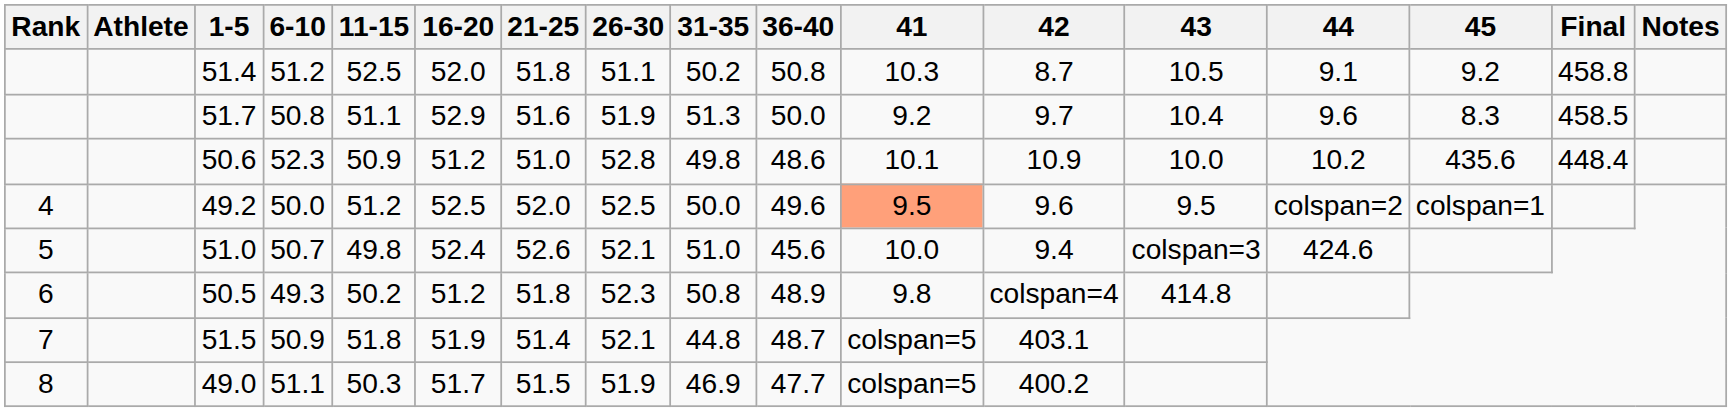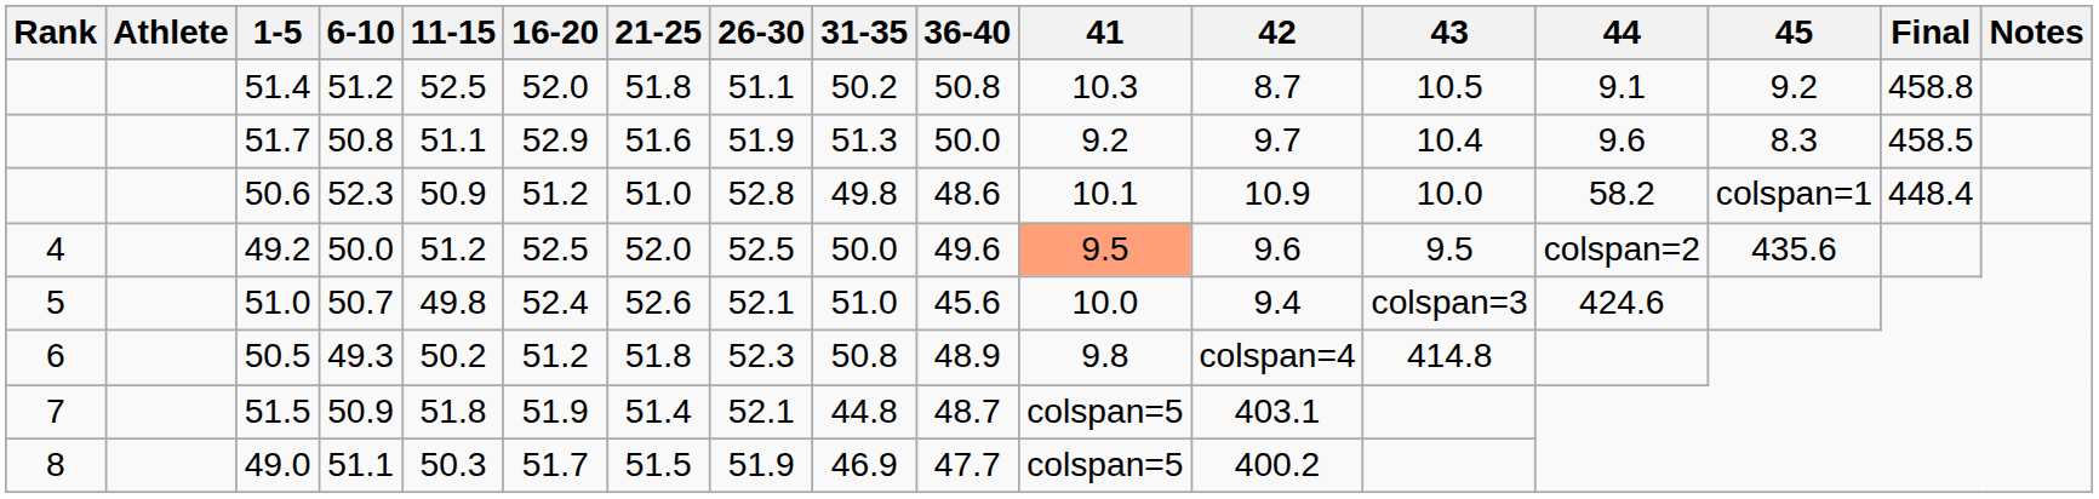 <table class="wikitable sortable">
 <tr>
 <th>Rank</th>
 <th>Athlete</th>
 <th class="unsortable">1-5</th>
 <th class="unsortable">6-10</th>
 <th class="unsortable">11-15</th>
 <th class="unsortable">16-20</th>
 <th class="unsortable">21-25</th>
 <th class="unsortable">26-30</th>
 <th class="unsortable">31-35</th>
 <th class="unsortable">36-40</th>
 <th class="unsortable">41</th>
 <th class="unsortable">42</th>
 <th class="unsortable">43</th>
 <th class="unsortable">44</th>
 <th class="unsortable">45</th>
 <th>Final</th>
 <th class="unsortable">Notes</th>
 </tr>
 <tr>
 <td align="center"></td>
 <td></td>
 <td align="center">51.4</td>
 <td align="center">51.2</td>
 <td align="center">52.5</td>
 <td align="center">52.0</td>
 <td align="center">51.8</td>
 <td align="center">51.1</td>
 <td align="center">50.2</td>
 <td align="center">50.8</td>
 <td align="center">10.3</td>
 <td align="center">8.7</td>
 <td align="center">10.5</td>
 <td align="center">9.1</td>
 <td align="center">9.2</td>
 <td align="center">458.8</td>
 <td align="center"></td>
 </tr>
 <tr>
 <td align="center"></td>
 <td></td>
 <td align="center">51.7</td>
 <td align="center">50.8</td>
 <td align="center">51.1</td>
 <td align="center">52.9</td>
 <td align="center">51.6</td>
 <td align="center">51.9</td>
 <td align="center">51.3</td>
 <td align="center">50.0</td>
 <td align="center">9.2</td>
 <td align="center">9.7</td>
 <td align="center">10.4</td>
 <td align="center">9.6</td>
 <td align="center">8.3</td>
 <td align="center">458.5</td>
 <td align="center"></td>
 </tr>
 <tr>
 <td align="center"></td>
 <td></td>
 <td align="center">50.6</td>
 <td align="center">52.3</td>
 <td align="center">50.9</td>
 <td align="center">51.2</td>
 <td align="center">51.0</td>
 <td align="center">52.8</td>
 <td align="center">49.8</td>
 <td align="center">48.6</td>
 <td align="center">10.1</td>
 <td align="center">10.9</td>
 <td align="center">10.0</td>
-<td align="center">10.2</td>
-<td align="center">435.6</td>
+<td align="center">58.2</td>
+<td>colspan=1 </td>
 <td align="center">448.4</td>
 <td align="center"></td>
 </tr>
 <tr>
 <td align="center">4</td>
 <td></td>
 <td align="center">49.2</td>
 <td align="center">50.0</td>
 <td align="center">51.2</td>
 <td align="center">52.5</td>
 <td align="center">52.0</td>
 <td align="center">52.5</td>
 <td align="center">50.0</td>
 <td align="center">49.6</td>
 <td align="center" style="background: lightsalmon;">9.5</td>
 <td align="center">9.6</td>
 <td align="center">9.5</td>
 <td>colspan=2 </td>
-<td>colspan=1 </td>
+<td align="center">435.6</td>
 <td align="center"></td>
 </tr>
 <tr>
 <td align="center">5</td>
 <td></td>
 <td align="center">51.0</td>
 <td align="center">50.7</td>
 <td align="center">49.8</td>
 <td align="center">52.4</td>
 <td align="center">52.6</td>
 <td align="center">52.1</td>
 <td align="center">51.0</td>
 <td align="center">45.6</td>
 <td align="center">10.0</td>
 <td align="center">9.4</td>
 <td>colspan=3 </td>
 <td align="center">424.6</td>
 <td align="center"></td>
 </tr>
 <tr>
 <td align="center">6</td>
 <td></td>
 <td align="center">50.5</td>
 <td align="center">49.3</td>
 <td align="center">50.2</td>
 <td align="center">51.2</td>
 <td align="center">51.8</td>
 <td align="center">52.3</td>
 <td align="center">50.8</td>
 <td align="center">48.9</td>
 <td align="center">9.8</td>
 <td>colspan=4 </td>
 <td align="center">414.8</td>
 <td align="center"></td>
 </tr>
 <tr>
 <td align="center">7</td>
 <td></td>
 <td align="center">51.5</td>
 <td align="center">50.9</td>
 <td align="center">51.8</td>
 <td align="center">51.9</td>
 <td align="center">51.4</td>
 <td align="center">52.1</td>
 <td align="center">44.8</td>
 <td align="center">48.7</td>
 <td>colspan=5 </td>
 <td align="center">403.1</td>
 <td align="center"></td>
 </tr>
 <tr>
 <td align="center">8</td>
 <td></td>
 <td align="center">49.0</td>
 <td align="center">51.1</td>
 <td align="center">50.3</td>
 <td align="center">51.7</td>
 <td align="center">51.5</td>
 <td align="center">51.9</td>
 <td align="center">46.9</td>
 <td align="center">47.7</td>
 <td>colspan=5 </td>
 <td align="center">400.2</td>
 <td align="center"></td>
 </tr>
 </table>
